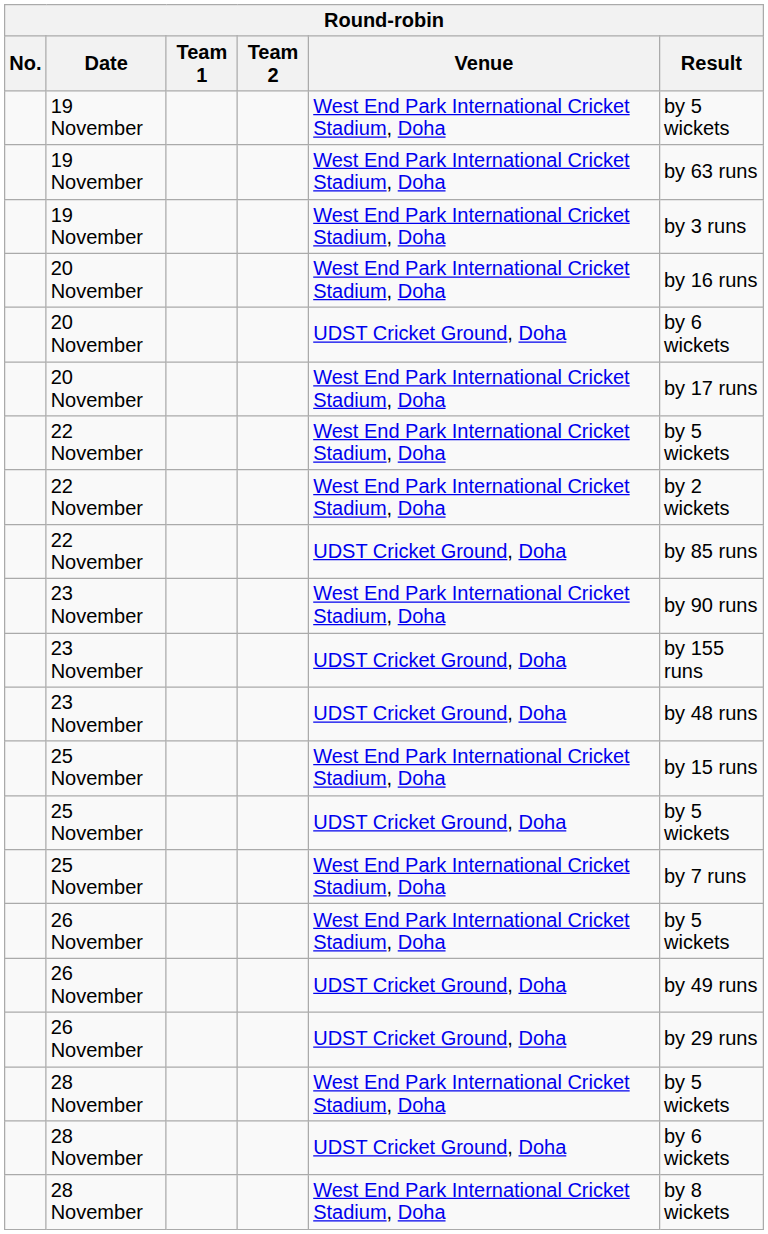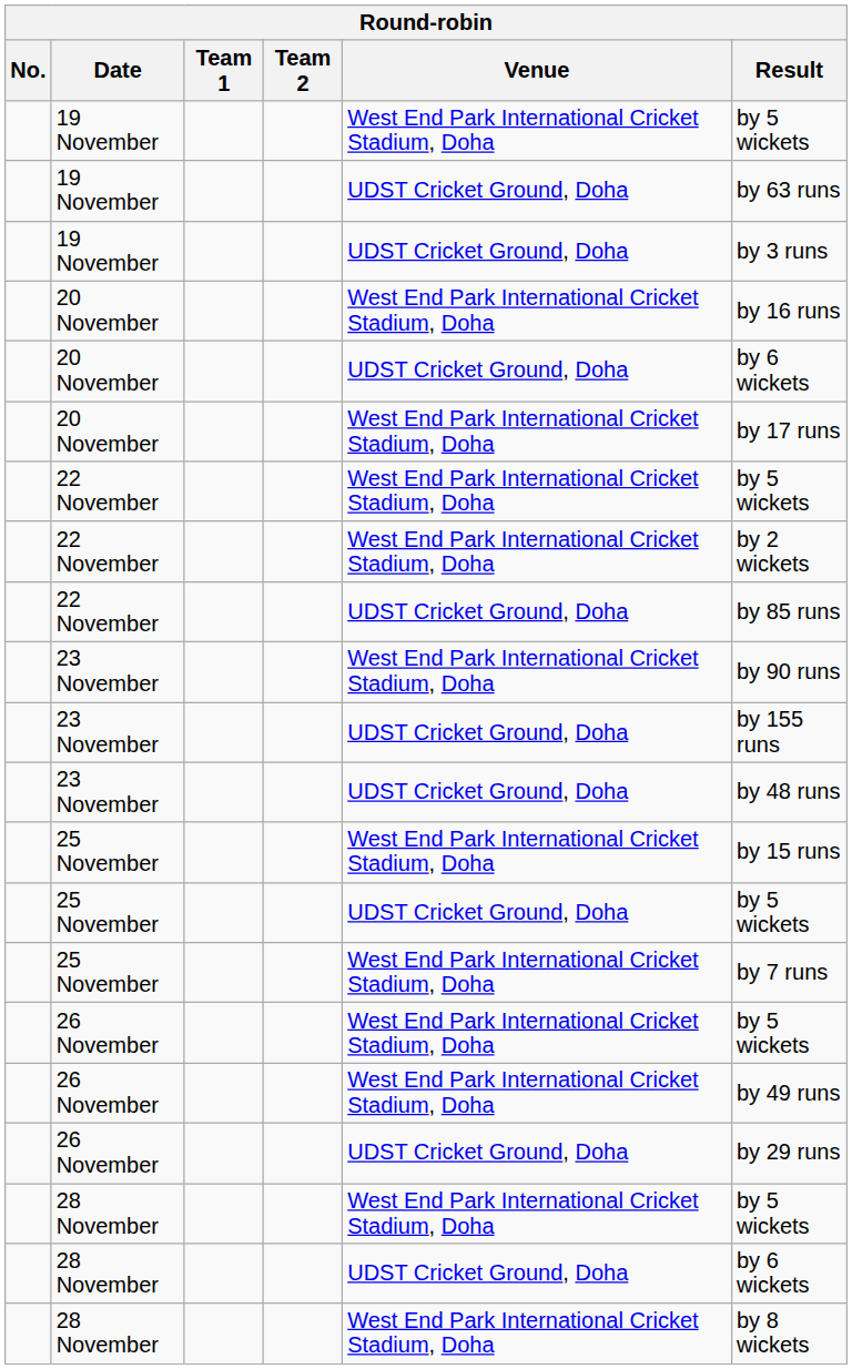 <table class="wikitable">
 <tr>
 <th colspan="6">Round-robin</th>
 </tr>
 <tr>
 <th>No.</th>
 <th>Date</th>
 <th>Team 1</th>
 <th>Team 2</th>
 <th>Venue</th>
 <th>Result</th>
 </tr>
 <tr>
 <td></td>
 <td>19 November</td>
 <td></td>
 <td></td>
 <td><a href='#'>West End Park International Cricket Stadium</a>, <a href='#'>Doha</a></td>
 <td> by 5 wickets</td>
 </tr>
 <tr>
 <td></td>
 <td>19 November</td>
 <td></td>
 <td></td>
-<td><a href='#'>West End Park International Cricket Stadium</a>, <a href='#'>Doha</a></td>
+<td><a href='#'>UDST Cricket Ground</a>, <a href='#'>Doha</a></td>
 <td> by 63 runs</td>
 </tr>
 <tr>
 <td></td>
 <td>19 November</td>
 <td></td>
 <td></td>
-<td><a href='#'>West End Park International Cricket Stadium</a>, <a href='#'>Doha</a></td>
+<td><a href='#'>UDST Cricket Ground</a>, <a href='#'>Doha</a></td>
 <td> by 3 runs</td>
 </tr>
 <tr>
 <td></td>
 <td>20 November</td>
 <td></td>
 <td></td>
 <td><a href='#'>West End Park International Cricket Stadium</a>, <a href='#'>Doha</a></td>
 <td> by 16 runs</td>
 </tr>
 <tr>
 <td></td>
 <td>20 November</td>
 <td></td>
 <td></td>
 <td><a href='#'>UDST Cricket Ground</a>, <a href='#'>Doha</a></td>
 <td> by 6 wickets</td>
 </tr>
 <tr>
 <td></td>
 <td>20 November</td>
 <td></td>
 <td></td>
 <td><a href='#'>West End Park International Cricket Stadium</a>, <a href='#'>Doha</a></td>
 <td> by 17 runs</td>
 </tr>
 <tr>
 <td></td>
 <td>22 November</td>
 <td></td>
 <td></td>
 <td><a href='#'>West End Park International Cricket Stadium</a>, <a href='#'>Doha</a></td>
 <td> by 5 wickets</td>
 </tr>
 <tr>
 <td></td>
 <td>22 November</td>
 <td></td>
 <td></td>
 <td><a href='#'>West End Park International Cricket Stadium</a>, <a href='#'>Doha</a></td>
 <td> by 2 wickets</td>
 </tr>
 <tr>
 <td></td>
 <td>22 November</td>
 <td></td>
 <td></td>
 <td><a href='#'>UDST Cricket Ground</a>, <a href='#'>Doha</a></td>
 <td> by 85 runs</td>
 </tr>
 <tr>
 <td></td>
 <td>23 November</td>
 <td></td>
 <td></td>
 <td><a href='#'>West End Park International Cricket Stadium</a>, <a href='#'>Doha</a></td>
 <td> by 90 runs</td>
 </tr>
 <tr>
 <td></td>
 <td>23 November</td>
 <td></td>
 <td></td>
 <td><a href='#'>UDST Cricket Ground</a>, <a href='#'>Doha</a></td>
 <td> by 155 runs</td>
 </tr>
 <tr>
 <td></td>
 <td>23 November</td>
 <td></td>
 <td></td>
 <td><a href='#'>UDST Cricket Ground</a>, <a href='#'>Doha</a></td>
 <td> by 48 runs</td>
 </tr>
 <tr>
 <td></td>
 <td>25 November</td>
 <td></td>
 <td></td>
 <td><a href='#'>West End Park International Cricket Stadium</a>, <a href='#'>Doha</a></td>
 <td> by 15 runs</td>
 </tr>
 <tr>
 <td></td>
 <td>25 November</td>
 <td></td>
 <td></td>
 <td><a href='#'>UDST Cricket Ground</a>, <a href='#'>Doha</a></td>
 <td> by 5 wickets</td>
 </tr>
 <tr>
 <td></td>
 <td>25 November</td>
 <td></td>
 <td></td>
 <td><a href='#'>West End Park International Cricket Stadium</a>, <a href='#'>Doha</a></td>
 <td> by 7 runs</td>
 </tr>
 <tr>
 <td></td>
 <td>26 November</td>
 <td></td>
 <td></td>
 <td><a href='#'>West End Park International Cricket Stadium</a>, <a href='#'>Doha</a></td>
 <td> by 5 wickets</td>
 </tr>
 <tr>
 <td></td>
 <td>26 November</td>
 <td></td>
 <td></td>
-<td><a href='#'>UDST Cricket Ground</a>, <a href='#'>Doha</a></td>
+<td><a href='#'>West End Park International Cricket Stadium</a>, <a href='#'>Doha</a></td>
 <td> by 49 runs</td>
 </tr>
 <tr>
 <td></td>
 <td>26 November</td>
 <td></td>
 <td></td>
 <td><a href='#'>UDST Cricket Ground</a>, <a href='#'>Doha</a></td>
 <td> by 29 runs</td>
 </tr>
 <tr>
 <td></td>
 <td>28 November</td>
 <td></td>
 <td></td>
 <td><a href='#'>West End Park International Cricket Stadium</a>, <a href='#'>Doha</a></td>
 <td> by 5 wickets</td>
 </tr>
 <tr>
 <td></td>
 <td>28 November</td>
 <td></td>
 <td></td>
 <td><a href='#'>UDST Cricket Ground</a>, <a href='#'>Doha</a></td>
 <td> by 6 wickets</td>
 </tr>
 <tr>
 <td></td>
 <td>28 November</td>
 <td></td>
 <td></td>
 <td><a href='#'>West End Park International Cricket Stadium</a>, <a href='#'>Doha</a></td>
 <td> by 8 wickets</td>
 </tr>
 </table>
